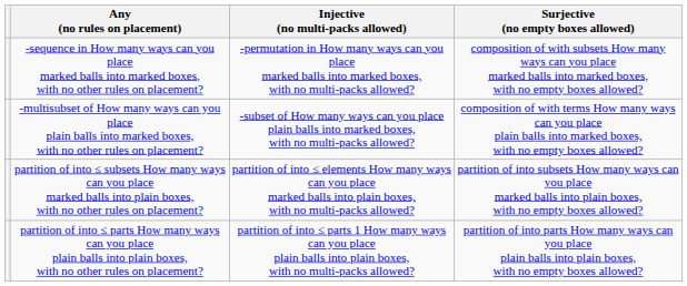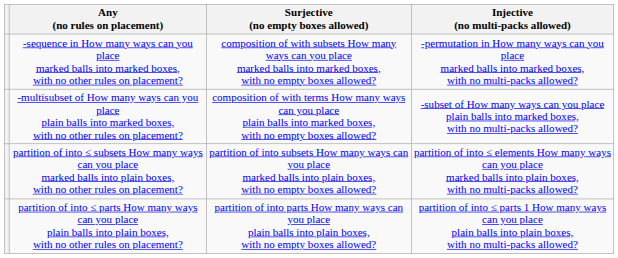 <table class="wikitable" style="margin-left:auto; margin-right:auto; text-align:center; border:none;" border="1">
 <tr>
 <th></th>
 <th>Any <br>(no rules on placement)</th>
+<th>Surjective <br>(no empty boxes allowed)</th>
 <th>Injective <br>(no multi-packs allowed)</th>
-<th>Surjective <br>(no empty boxes allowed)</th>
 </tr>
 <tr>
 <th></th>
 <td><a href='#'>-sequence in   How many ways can you place <br>  marked balls into  marked boxes, <br> with no other rules on placement?</a></td>
+<td><a href='#'>composition of  with  subsets  How many ways can you place <br>  marked balls into  marked boxes, <br> with no empty boxes allowed?</a></td>
 <td><a href='#'>-permutation in  How many ways can you place <br>  marked balls into  marked boxes, <br> with no multi-packs allowed?</a></td>
-<td><a href='#'>composition of  with  subsets  How many ways can you place <br>  marked balls into  marked boxes, <br> with no empty boxes allowed?</a></td>
 </tr>
 <tr>
 <th></th>
 <td><a href='#'>-multisubset of  How many ways can you place <br>  plain balls into  marked boxes, <br> with no other rules on placement?</a></td>
+<td><a href='#'>composition of  with  terms How many ways can you place <br>  plain balls into  marked boxes, <br> with no empty boxes allowed?</a></td>
 <td><a href='#'>-subset of  How many ways can you place <br>  plain balls into  marked boxes, <br> with no multi-packs allowed?</a></td>
-<td><a href='#'>composition of  with  terms How many ways can you place <br>  plain balls into  marked boxes, <br> with no empty boxes allowed?</a></td>
 </tr>
 <tr>
 <th></th>
 <td><a href='#'>partition of  into ≤  subsets How many ways can you place <br>  marked balls into  plain boxes, <br> with no other rules on placement?</a></td>
+<td><a href='#'>partition of  into  subsets How many ways can you place <br>  marked balls into  plain boxes, <br> with no empty boxes allowed?</a></td>
 <td><a href='#'>partition of  into ≤  elements How many ways can you place <br>  marked balls into  plain boxes, <br> with no multi-packs allowed?</a></td>
-<td><a href='#'>partition of  into  subsets How many ways can you place <br>  marked balls into  plain boxes, <br> with no empty boxes allowed?</a></td>
 </tr>
 <tr>
 <th></th>
 <td><a href='#'>partition of  into ≤  parts How many ways can you place <br>  plain balls into  plain boxes, <br> with no other rules on placement?</a></td>
+<td><a href='#'>partition of  into  parts How many ways can you place <br>  plain balls into  plain boxes, <br> with no empty boxes allowed?</a></td>
 <td><a href='#'>partition of  into ≤  parts 1 How many ways can you place <br>  plain balls into  plain boxes, <br> with no multi-packs allowed?</a></td>
-<td><a href='#'>partition of  into  parts How many ways can you place <br>  plain balls into  plain boxes, <br> with no empty boxes allowed?</a></td>
 </tr>
 </table>
